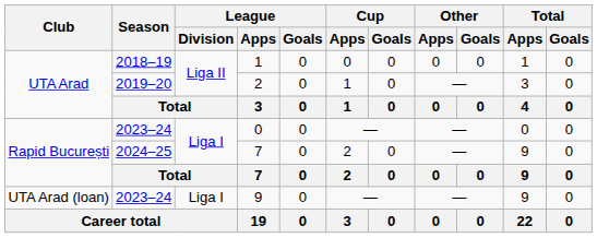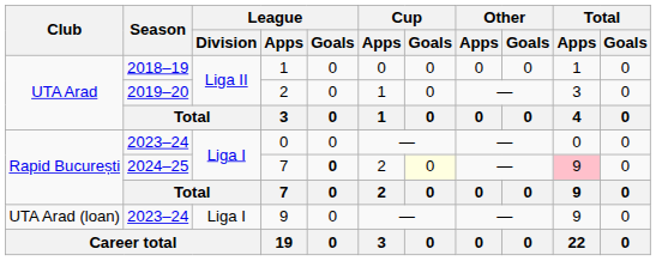 <table class="wikitable" style="text-align: center">
 <tr>
 <th rowspan="2">Club</th>
 <th rowspan="2">Season</th>
 <th colspan="3">League</th>
 <th colspan="2">Cup</th>
 <th colspan="2">Other</th>
 <th colspan="2">Total</th>
 </tr>
 <tr>
 <th>Division</th>
 <th>Apps</th>
 <th>Goals</th>
 <th>Apps</th>
 <th>Goals</th>
 <th>Apps</th>
 <th>Goals</th>
 <th>Apps</th>
 <th>Goals</th>
 </tr>
 <tr>
 <td rowspan="3"><a href='#'>UTA Arad</a></td>
 <td><a href='#'>2018–19</a></td>
 <td rowspan="2"><a href='#'>Liga II</a></td>
 <td>1</td>
 <td>0</td>
 <td>0</td>
 <td>0</td>
 <td>0</td>
 <td>0</td>
 <td>1</td>
 <td>0</td>
 </tr>
 <tr>
 <td><a href='#'>2019–20</a></td>
 <td>2</td>
 <td>0</td>
 <td>1</td>
 <td>0</td>
 <td colspan="2">—</td>
 <td>3</td>
 <td>0</td>
 </tr>
 <tr>
 <th colspan="2"><strong>Total</strong></th>
 <th>3</th>
 <th>0</th>
 <th>1</th>
 <th>0</th>
 <th>0</th>
 <th>0</th>
 <th>4</th>
 <th>0</th>
 </tr>
 <tr>
 <td rowspan="3"><a href='#'>Rapid București</a></td>
 <td><a href='#'>2023–24</a></td>
 <td rowspan="2"><a href='#'>Liga I</a></td>
 <td>0</td>
 <td>0</td>
 <td colspan="2">—</td>
 <td colspan="2">—</td>
 <td>0</td>
 <td>0</td>
 </tr>
 <tr>
 <td><a href='#'>2024–25</a></td>
 <td>7</td>
-<td>0</td>
+<td><strong>0</strong></td>
 <td>2</td>
-<td>0</td>
+<td style="background: lightyellow;">0</td>
 <td colspan="2">—</td>
-<td>9</td>
+<td style="background: pink;">9</td>
 <td>0</td>
 </tr>
 <tr>
 <th colspan="2"><strong>Total</strong></th>
 <th>7</th>
 <th>0</th>
 <th>2</th>
 <th>0</th>
 <th>0</th>
 <th>0</th>
 <th>9</th>
 <th>0</th>
 </tr>
 <tr>
 <td rowspan="1">UTA Arad (loan)</td>
 <td><a href='#'>2023–24</a></td>
 <td>Liga I</td>
 <td>9</td>
 <td>0</td>
 <td colspan="2">—</td>
 <td colspan="2">—</td>
 <td>9</td>
 <td>0</td>
 </tr>
 <tr>
 <th colspan="3"><strong>Career total</strong></th>
 <th>19</th>
 <th>0</th>
 <th>3</th>
 <th>0</th>
 <th>0</th>
 <th>0</th>
 <th>22</th>
 <th>0</th>
 </tr>
 </table>
